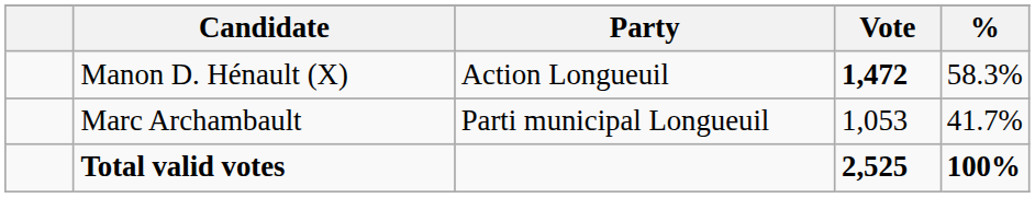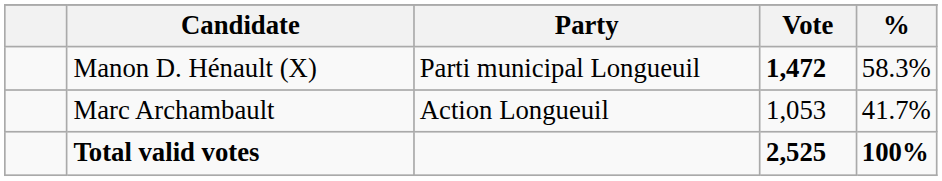 <table class="wikitable">
 <tr>
 </tr>
 <tr>
 <th bgcolor="#DDDDFF" width="30px"></th>
 <th bgcolor="#DDDDFF" width="200px">Candidate</th>
 <th bgcolor="#DDDDFF" width="200px">Party</th>
 <th bgcolor="#DDDDFF" width="50px">Vote</th>
 <th bgcolor="#DDDDFF" width="30px">%</th>
 </tr>
 <tr>
 <td> </td>
 <td>Manon D. Hénault (X)</td>
-<td>Action Longueuil</td>
+<td>Parti municipal Longueuil</td>
 <td><strong>1,472</strong></td>
 <td>58.3%</td>
 </tr>
 <tr>
 <td> </td>
 <td>Marc Archambault</td>
-<td>Parti municipal Longueuil</td>
+<td>Action Longueuil</td>
 <td>1,053</td>
 <td>41.7%</td>
 </tr>
 <tr>
 <td> </td>
 <td><strong>Total valid votes</strong></td>
 <td></td>
 <td><strong>2,525</strong></td>
 <td><strong>100%</strong></td>
 </tr>
 </table>
